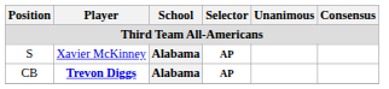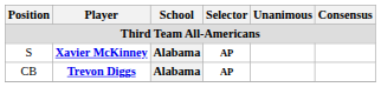 <table class="wikitable">
 <tr>
 <th>Position</th>
 <th>Player</th>
 <th>School</th>
 <th>Selector</th>
 <th>Unanimous</th>
 <th>Consensus</th>
 </tr>
 <tr>
 <td colspan="6" style="text-align:center; background:#ddd;"><strong>Third Team All-Americans</strong></td>
 </tr>
 <tr style="text-align:center;">
 <td style="background:white">S</td>
-<td style="background:white"><a href='#'>Xavier McKinney</a></td>
+<td style="background:white"><strong><a href='#'>Xavier McKinney</a></strong></td>
 <th style=>Alabama</th>
 <td style="background:white"><small><strong>AP</strong></small></td>
 <td style="background:white"></td>
 <td style="background:white"></td>
 </tr>
 <tr style="text-align:center;">
 <td style="background:white">CB</td>
 <td style="background:white"><strong><a href='#'>Trevon Diggs</a></strong></td>
 <th style=>Alabama</th>
 <td style="background:white"><small><strong>AP</strong></small></td>
 <td style="background:white"></td>
 <td style="background:white"></td>
 </tr>
 <tr style="text-align:center;">
 </tr>
 </table>
